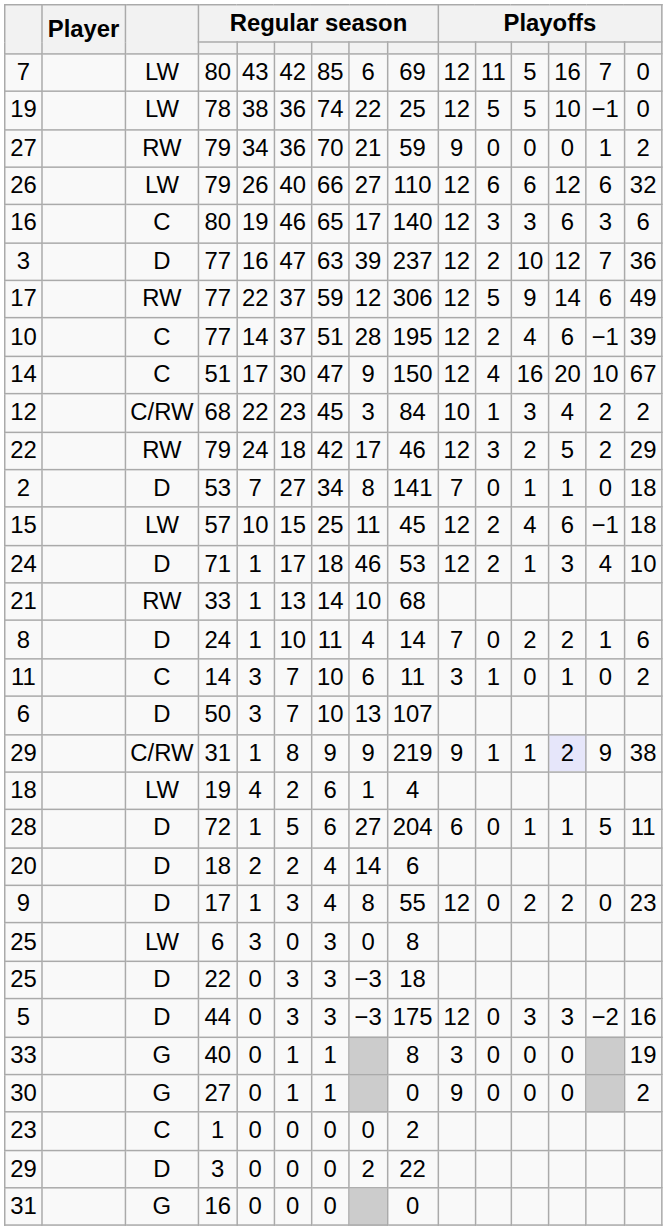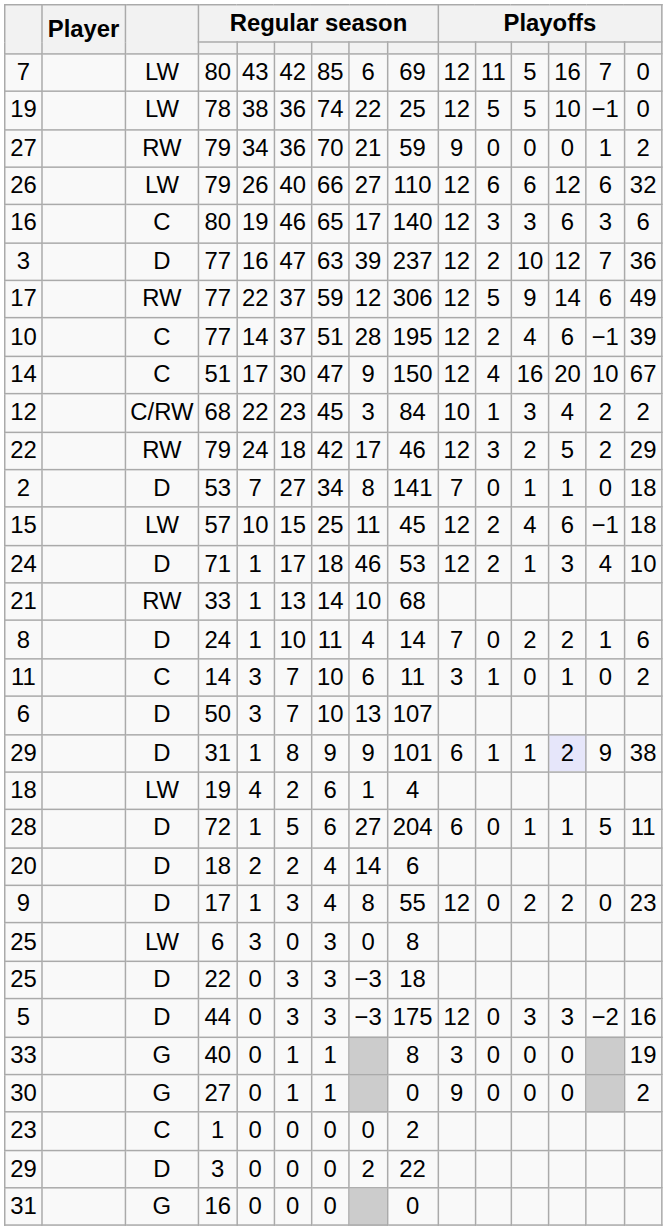 <table class="wikitable sortable plainrowheaders" style="text-align:center;">
 <tr>
 <th scope="col" data-sort-type="number" rowspan="2"></th>
 <th scope="col" rowspan="2">Player</th>
 <th scope="col" rowspan="2"></th>
 <th scope=colgroup colspan=6>Regular season</th>
 <th scope=colgroup colspan=6>Playoffs</th>
 </tr>
 <tr>
 <th scope="col" data-sort-type="number"></th>
 <th scope="col" data-sort-type="number"></th>
 <th scope="col" data-sort-type="number"></th>
 <th scope="col" data-sort-type="number"></th>
 <th scope="col" data-sort-type="number"></th>
 <th scope="col" data-sort-type="number"></th>
 <th scope="col" data-sort-type="number"></th>
 <th scope="col" data-sort-type="number"></th>
 <th scope="col" data-sort-type="number"></th>
 <th scope="col" data-sort-type="number"></th>
 <th scope="col" data-sort-type="number"></th>
 <th scope="col" data-sort-type="number"></th>
 </tr>
 <tr>
 <td scope="row">7</td>
 <td align="left"></td>
 <td>LW</td>
 <td>80</td>
 <td>43</td>
 <td>42</td>
 <td>85</td>
 <td>6</td>
 <td>69</td>
 <td>12</td>
 <td>11</td>
 <td>5</td>
 <td>16</td>
 <td>7</td>
 <td>0</td>
 </tr>
 <tr>
 <td scope="row">19</td>
 <td align="left"></td>
 <td>LW</td>
 <td>78</td>
 <td>38</td>
 <td>36</td>
 <td>74</td>
 <td>22</td>
 <td>25</td>
 <td>12</td>
 <td>5</td>
 <td>5</td>
 <td>10</td>
 <td>−1</td>
 <td>0</td>
 </tr>
 <tr>
 <td scope="row">27</td>
 <td align="left"></td>
 <td>RW</td>
 <td>79</td>
 <td>34</td>
 <td>36</td>
 <td>70</td>
 <td>21</td>
 <td>59</td>
 <td>9</td>
 <td>0</td>
 <td>0</td>
 <td>0</td>
 <td>1</td>
 <td>2</td>
 </tr>
 <tr>
 <td scope="row">26</td>
 <td align="left"></td>
 <td>LW</td>
 <td>79</td>
 <td>26</td>
 <td>40</td>
 <td>66</td>
 <td>27</td>
 <td>110</td>
 <td>12</td>
 <td>6</td>
 <td>6</td>
 <td>12</td>
 <td>6</td>
 <td>32</td>
 </tr>
 <tr>
 <td scope="row">16</td>
 <td align="left"></td>
 <td>C</td>
 <td>80</td>
 <td>19</td>
 <td>46</td>
 <td>65</td>
 <td>17</td>
 <td>140</td>
 <td>12</td>
 <td>3</td>
 <td>3</td>
 <td>6</td>
 <td>3</td>
 <td>6</td>
 </tr>
 <tr>
 <td scope="row">3</td>
 <td align="left"></td>
 <td>D</td>
 <td>77</td>
 <td>16</td>
 <td>47</td>
 <td>63</td>
 <td>39</td>
 <td>237</td>
 <td>12</td>
 <td>2</td>
 <td>10</td>
 <td>12</td>
 <td>7</td>
 <td>36</td>
 </tr>
 <tr>
 <td scope="row">17</td>
 <td align="left"></td>
 <td>RW</td>
 <td>77</td>
 <td>22</td>
 <td>37</td>
 <td>59</td>
 <td>12</td>
 <td>306</td>
 <td>12</td>
 <td>5</td>
 <td>9</td>
 <td>14</td>
 <td>6</td>
 <td>49</td>
 </tr>
 <tr>
 <td scope="row">10</td>
 <td align="left"></td>
 <td>C</td>
 <td>77</td>
 <td>14</td>
 <td>37</td>
 <td>51</td>
 <td>28</td>
 <td>195</td>
 <td>12</td>
 <td>2</td>
 <td>4</td>
 <td>6</td>
 <td>−1</td>
 <td>39</td>
 </tr>
 <tr>
 <td scope="row">14</td>
 <td align="left"></td>
 <td>C</td>
 <td>51</td>
 <td>17</td>
 <td>30</td>
 <td>47</td>
 <td>9</td>
 <td>150</td>
 <td>12</td>
 <td>4</td>
 <td>16</td>
 <td>20</td>
 <td>10</td>
 <td>67</td>
 </tr>
 <tr>
 <td scope="row">12</td>
 <td align="left"></td>
 <td>C/RW</td>
 <td>68</td>
 <td>22</td>
 <td>23</td>
 <td>45</td>
 <td>3</td>
 <td>84</td>
 <td>10</td>
 <td>1</td>
 <td>3</td>
 <td>4</td>
 <td>2</td>
 <td>2</td>
 </tr>
 <tr>
 <td scope="row">22</td>
 <td align="left"></td>
 <td>RW</td>
 <td>79</td>
 <td>24</td>
 <td>18</td>
 <td>42</td>
 <td>17</td>
 <td>46</td>
 <td>12</td>
 <td>3</td>
 <td>2</td>
 <td>5</td>
 <td>2</td>
 <td>29</td>
 </tr>
 <tr>
 <td scope="row">2</td>
 <td align="left"></td>
 <td>D</td>
 <td>53</td>
 <td>7</td>
 <td>27</td>
 <td>34</td>
 <td>8</td>
 <td>141</td>
 <td>7</td>
 <td>0</td>
 <td>1</td>
 <td>1</td>
 <td>0</td>
 <td>18</td>
 </tr>
 <tr>
 <td scope="row">15</td>
 <td align="left"></td>
 <td>LW</td>
 <td>57</td>
 <td>10</td>
 <td>15</td>
 <td>25</td>
 <td>11</td>
 <td>45</td>
 <td>12</td>
 <td>2</td>
 <td>4</td>
 <td>6</td>
 <td>−1</td>
 <td>18</td>
 </tr>
 <tr>
 <td scope="row">24</td>
 <td align="left"></td>
 <td>D</td>
 <td>71</td>
 <td>1</td>
 <td>17</td>
 <td>18</td>
 <td>46</td>
 <td>53</td>
 <td>12</td>
 <td>2</td>
 <td>1</td>
 <td>3</td>
 <td>4</td>
 <td>10</td>
 </tr>
 <tr>
 <td scope="row">21</td>
 <td align="left"></td>
 <td>RW</td>
 <td>33</td>
 <td>1</td>
 <td>13</td>
 <td>14</td>
 <td>10</td>
 <td>68</td>
 <td></td>
 <td></td>
 <td></td>
 <td></td>
 <td></td>
 <td></td>
 </tr>
 <tr>
 <td scope="row">8</td>
 <td align="left"></td>
 <td>D</td>
 <td>24</td>
 <td>1</td>
 <td>10</td>
 <td>11</td>
 <td>4</td>
 <td>14</td>
 <td>7</td>
 <td>0</td>
 <td>2</td>
 <td>2</td>
 <td>1</td>
 <td>6</td>
 </tr>
 <tr>
 <td scope="row">11</td>
 <td align="left"></td>
 <td>C</td>
 <td>14</td>
 <td>3</td>
 <td>7</td>
 <td>10</td>
 <td>6</td>
 <td>11</td>
 <td>3</td>
 <td>1</td>
 <td>0</td>
 <td>1</td>
 <td>0</td>
 <td>2</td>
 </tr>
 <tr>
 <td scope="row">6</td>
 <td align="left"></td>
 <td>D</td>
 <td>50</td>
 <td>3</td>
 <td>7</td>
 <td>10</td>
 <td>13</td>
 <td>107</td>
 <td></td>
 <td></td>
 <td></td>
 <td></td>
 <td></td>
 <td></td>
 </tr>
 <tr>
 <td scope="row">29</td>
 <td align="left"></td>
-<td>C/RW</td>
+<td>D</td>
 <td>31</td>
 <td>1</td>
 <td>8</td>
 <td>9</td>
 <td>9</td>
-<td>219</td>
-<td>9</td>
+<td>101</td>
+<td>6</td>
 <td>1</td>
 <td>1</td>
 <td style="background: lavender;">2</td>
 <td>9</td>
 <td>38</td>
 </tr>
 <tr>
 <td scope="row">18</td>
 <td align="left"></td>
 <td>LW</td>
 <td>19</td>
 <td>4</td>
 <td>2</td>
 <td>6</td>
 <td>1</td>
 <td>4</td>
 <td></td>
 <td></td>
 <td></td>
 <td></td>
 <td></td>
 <td></td>
 </tr>
 <tr>
 <td scope="row">28</td>
 <td align="left"></td>
 <td>D</td>
 <td>72</td>
 <td>1</td>
 <td>5</td>
 <td>6</td>
 <td>27</td>
 <td>204</td>
 <td>6</td>
 <td>0</td>
 <td>1</td>
 <td>1</td>
 <td>5</td>
 <td>11</td>
 </tr>
 <tr>
 <td scope="row">20</td>
 <td align="left"></td>
 <td>D</td>
 <td>18</td>
 <td>2</td>
 <td>2</td>
 <td>4</td>
 <td>14</td>
 <td>6</td>
 <td></td>
 <td></td>
 <td></td>
 <td></td>
 <td></td>
 <td></td>
 </tr>
 <tr>
 <td scope="row">9</td>
 <td align="left"></td>
 <td>D</td>
 <td>17</td>
 <td>1</td>
 <td>3</td>
 <td>4</td>
 <td>8</td>
 <td>55</td>
 <td>12</td>
 <td>0</td>
 <td>2</td>
 <td>2</td>
 <td>0</td>
 <td>23</td>
 </tr>
 <tr>
 <td scope="row">25</td>
 <td align="left"></td>
 <td>LW</td>
 <td>6</td>
 <td>3</td>
 <td>0</td>
 <td>3</td>
 <td>0</td>
 <td>8</td>
 <td></td>
 <td></td>
 <td></td>
 <td></td>
 <td></td>
 <td></td>
 </tr>
 <tr>
 <td scope="row">25</td>
 <td align="left"></td>
 <td>D</td>
 <td>22</td>
 <td>0</td>
 <td>3</td>
 <td>3</td>
 <td>−3</td>
 <td>18</td>
 <td></td>
 <td></td>
 <td></td>
 <td></td>
 <td></td>
 <td></td>
 </tr>
 <tr>
 <td scope="row">5</td>
 <td align="left"></td>
 <td>D</td>
 <td>44</td>
 <td>0</td>
 <td>3</td>
 <td>3</td>
 <td>−3</td>
 <td>175</td>
 <td>12</td>
 <td>0</td>
 <td>3</td>
 <td>3</td>
 <td>−2</td>
 <td>16</td>
 </tr>
 <tr>
 <td scope="row">33</td>
 <td align="left"></td>
 <td>G</td>
 <td>40</td>
 <td>0</td>
 <td>1</td>
 <td>1</td>
 <td style="background:#ccc"></td>
 <td>8</td>
 <td>3</td>
 <td>0</td>
 <td>0</td>
 <td>0</td>
 <td style="background:#ccc"></td>
 <td>19</td>
 </tr>
 <tr>
 <td scope="row">30</td>
 <td align="left"></td>
 <td>G</td>
 <td>27</td>
 <td>0</td>
 <td>1</td>
 <td>1</td>
 <td style="background:#ccc"></td>
 <td>0</td>
 <td>9</td>
 <td>0</td>
 <td>0</td>
 <td>0</td>
 <td style="background:#ccc"></td>
 <td>2</td>
 </tr>
 <tr>
 <td scope="row">23</td>
 <td align="left"></td>
 <td>C</td>
 <td>1</td>
 <td>0</td>
 <td>0</td>
 <td>0</td>
 <td>0</td>
 <td>2</td>
 <td></td>
 <td></td>
 <td></td>
 <td></td>
 <td></td>
 <td></td>
 </tr>
 <tr>
 <td scope="row">29</td>
 <td align="left"></td>
 <td>D</td>
 <td>3</td>
 <td>0</td>
 <td>0</td>
 <td>0</td>
 <td>2</td>
 <td>22</td>
 <td></td>
 <td></td>
 <td></td>
 <td></td>
 <td></td>
 <td></td>
 </tr>
 <tr>
 <td scope="row">31</td>
 <td align="left"></td>
 <td>G</td>
 <td>16</td>
 <td>0</td>
 <td>0</td>
 <td>0</td>
 <td style="background:#ccc"></td>
 <td>0</td>
 <td></td>
 <td></td>
 <td></td>
 <td></td>
 <td></td>
 <td></td>
 </tr>
 </table>
